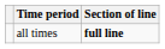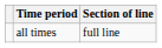 <table class="wikitable">
 <tr>
 <th> </th>
 <th>Time period</th>
 <th>Section of line</th>
 </tr>
 <tr>
 <td></td>
 <td>all times</td>
-<td><strong>full line</strong></td>
+<td>full line</td>
 </tr>
 </table>
